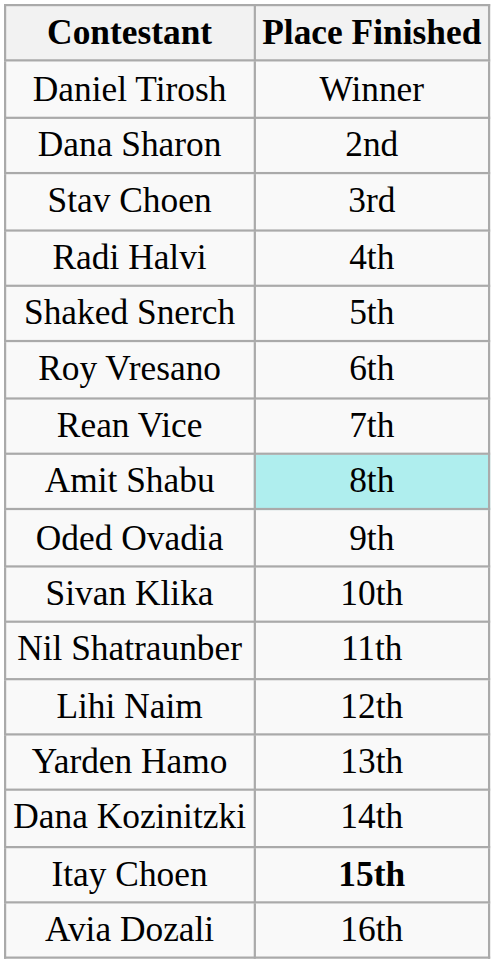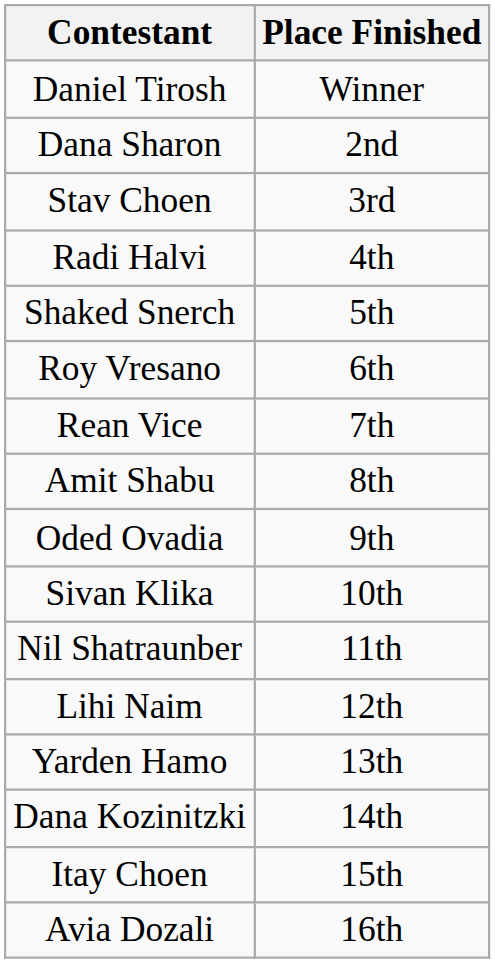 <table class="wikitable" style="text-align:center">
 <tr>
 <th>Contestant</th>
 <th>Place Finished</th>
 </tr>
 <tr>
 <td>Daniel Tirosh</td>
 <td>Winner</td>
 </tr>
 <tr>
 <td>Dana Sharon</td>
 <td>2nd</td>
 </tr>
 <tr>
 <td>Stav Choen</td>
 <td>3rd</td>
 </tr>
 <tr>
 <td>Radi Halvi</td>
 <td>4th</td>
 </tr>
 <tr>
 <td>Shaked Snerch</td>
 <td>5th</td>
 </tr>
 <tr>
 <td>Roy Vresano</td>
 <td>6th</td>
 </tr>
 <tr>
 <td>Rean Vice</td>
 <td>7th</td>
 </tr>
 <tr>
 <td>Amit Shabu</td>
-<td style="background: paleturquoise;">8th</td>
+<td>8th</td>
 </tr>
 <tr>
 <td>Oded Ovadia</td>
 <td>9th</td>
 </tr>
 <tr>
 <td>Sivan Klika</td>
 <td>10th</td>
 </tr>
 <tr>
 <td>Nil Shatraunber</td>
 <td>11th</td>
 </tr>
 <tr>
 <td>Lihi Naim</td>
 <td>12th</td>
 </tr>
 <tr>
 <td>Yarden Hamo</td>
 <td>13th</td>
 </tr>
 <tr>
 <td>Dana Kozinitzki</td>
 <td>14th</td>
 </tr>
 <tr>
 <td>Itay Choen</td>
-<td><strong>15th</strong></td>
+<td>15th</td>
 </tr>
 <tr>
 <td>Avia Dozali</td>
 <td>16th</td>
 </tr>
 </table>
